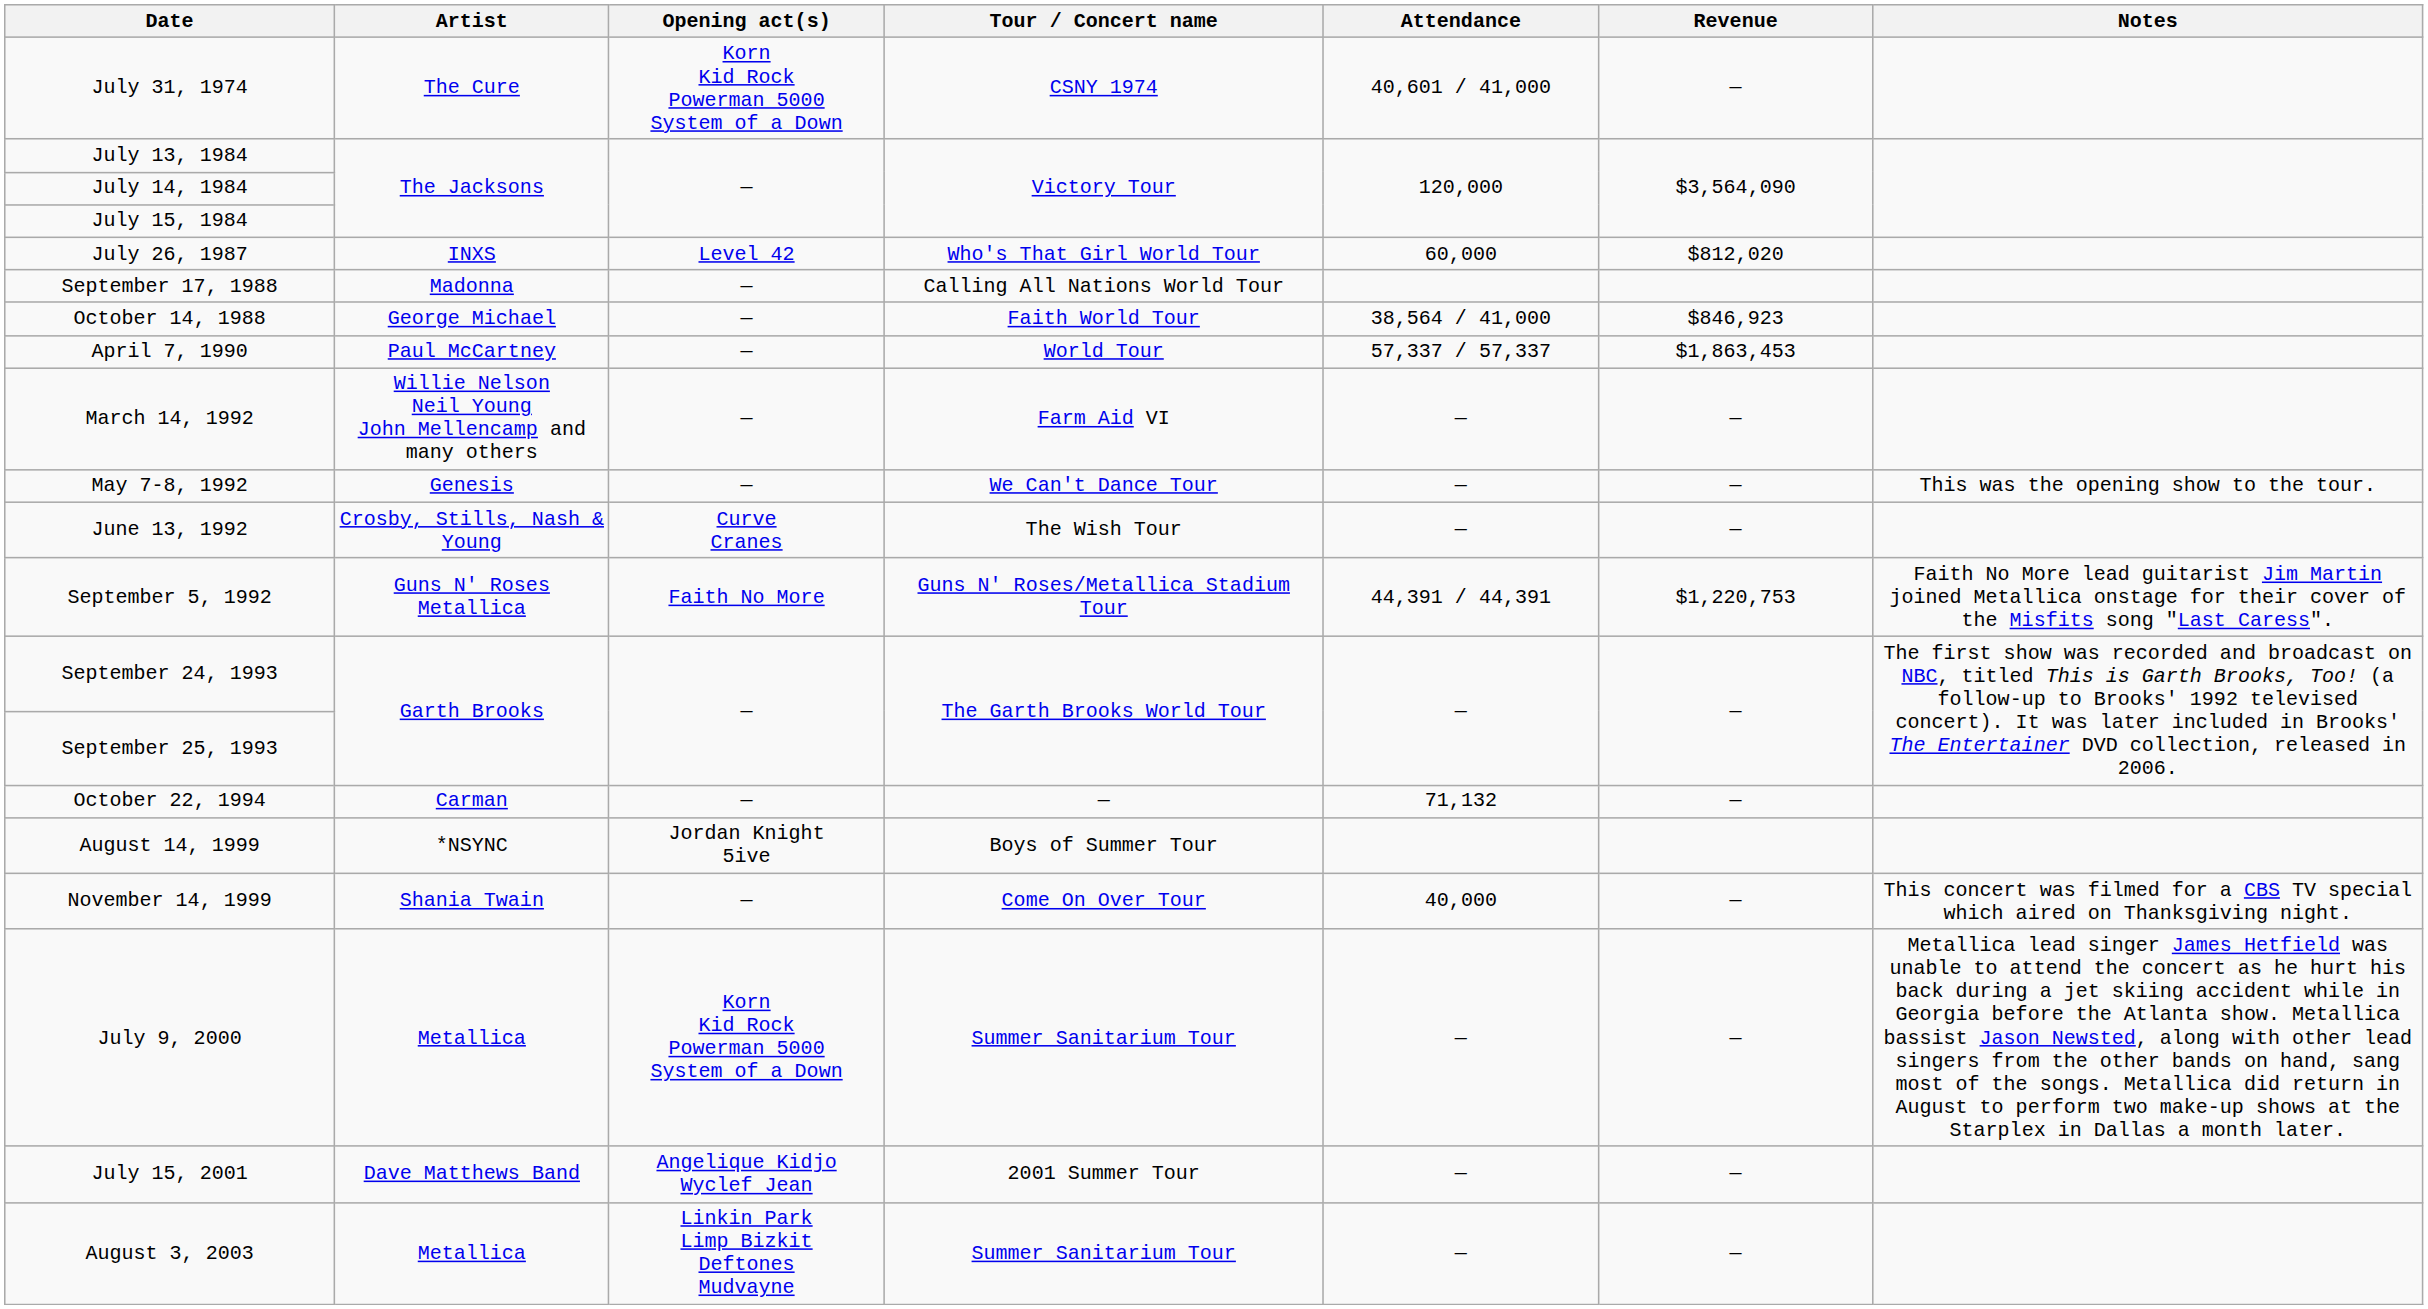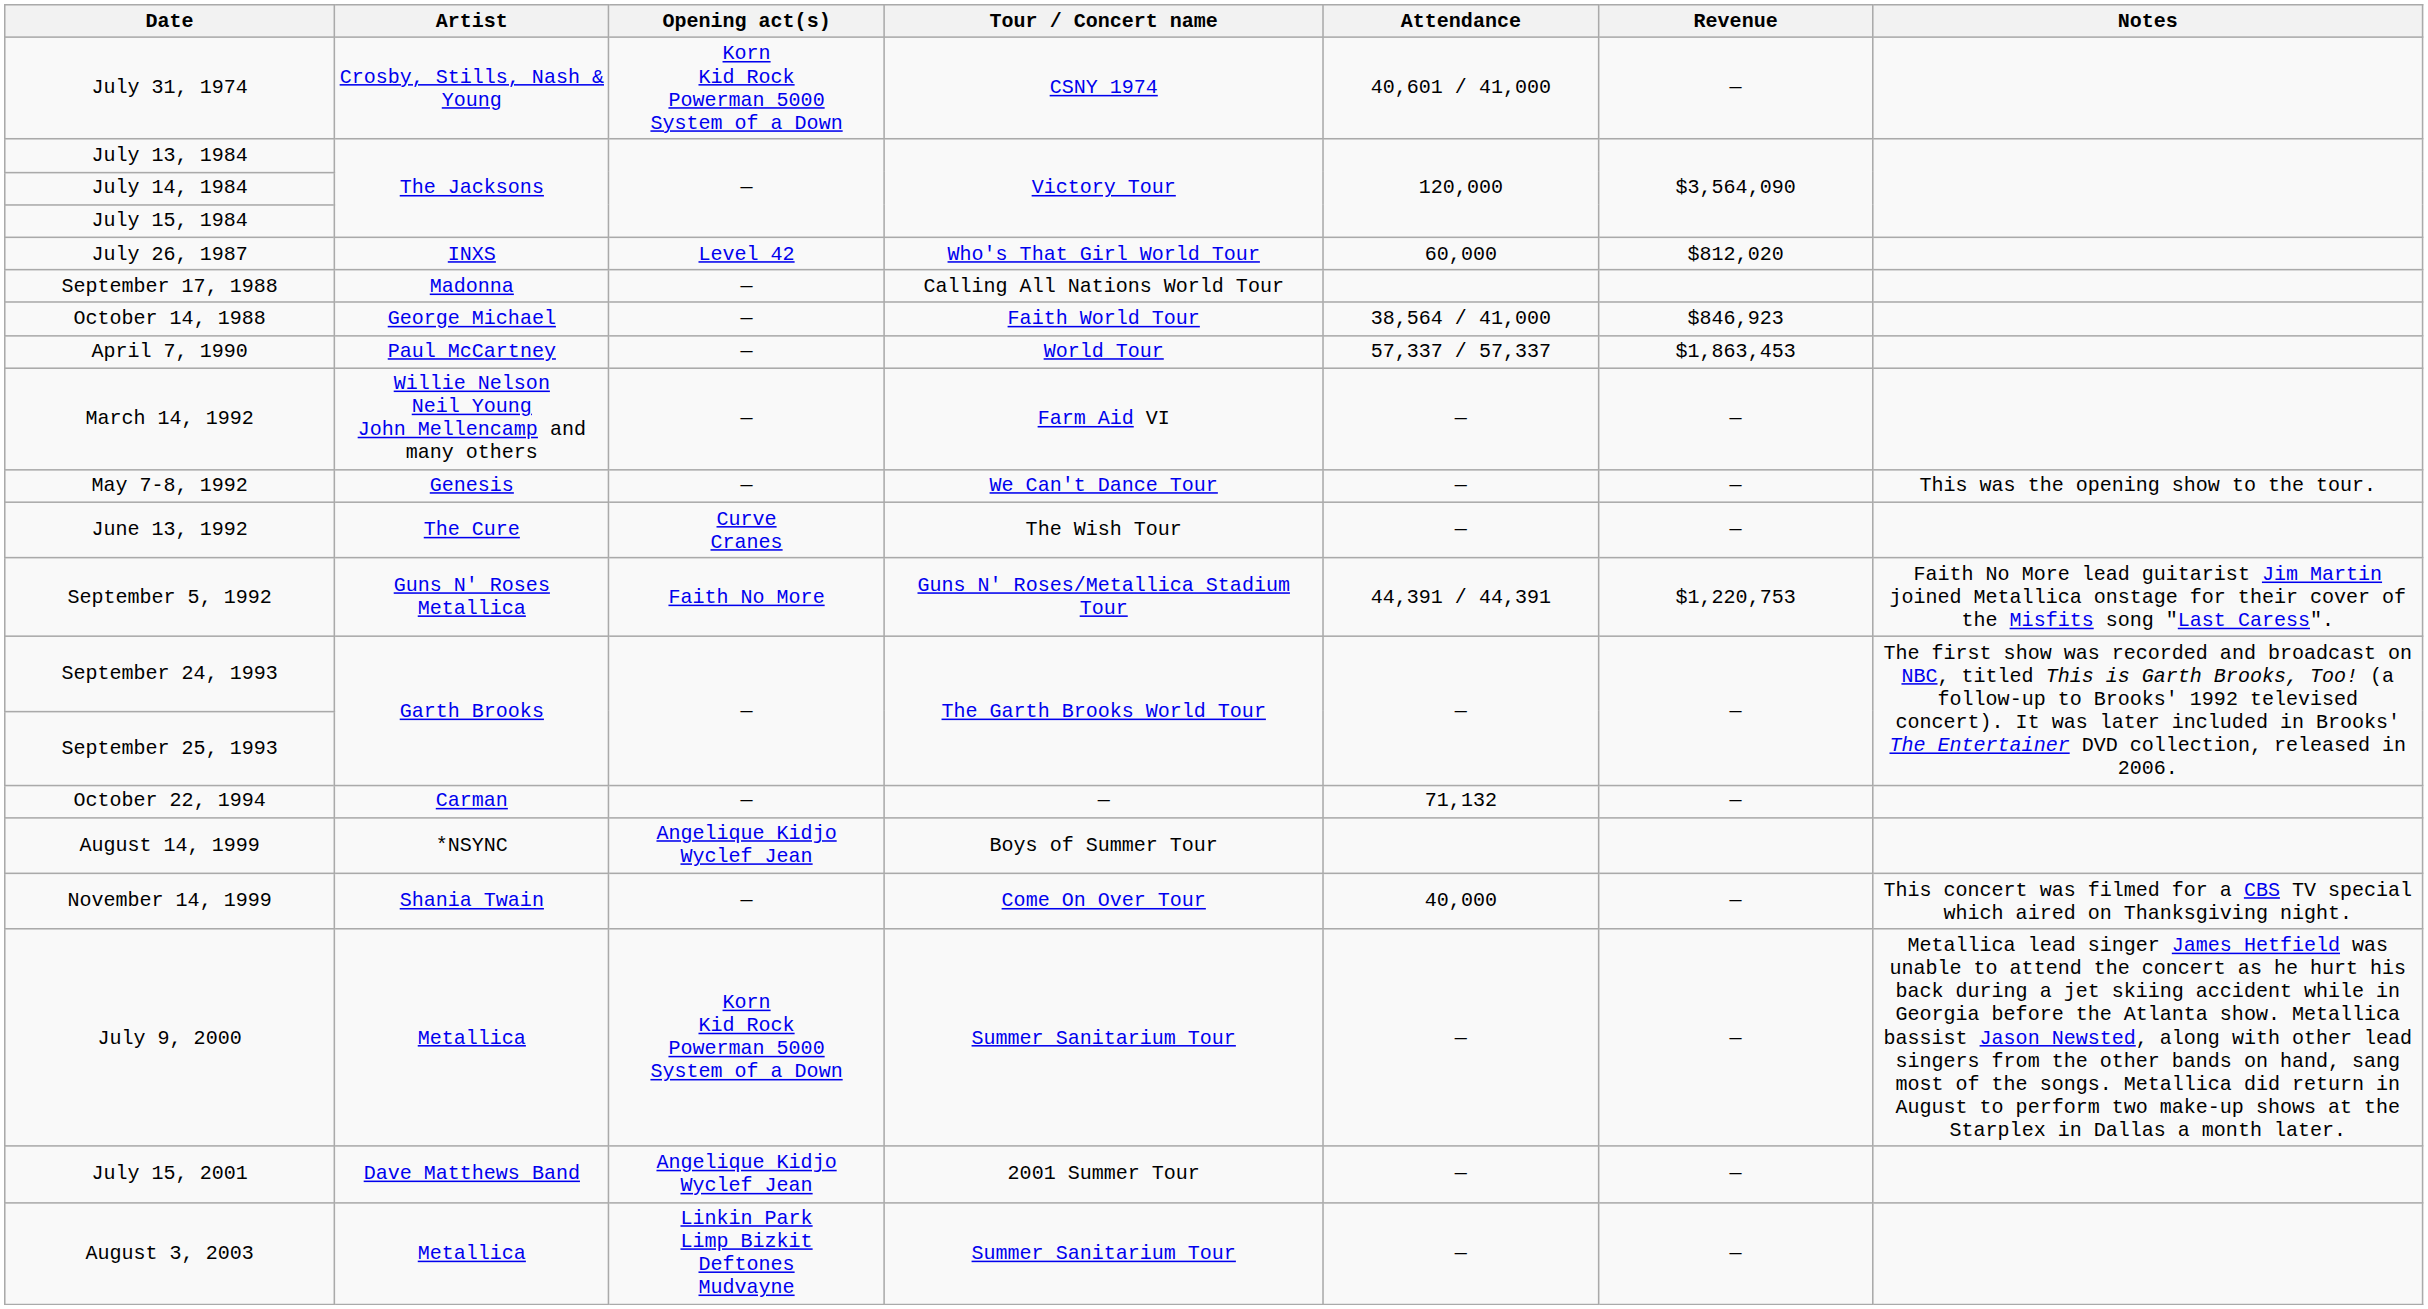 <table class="wikitable" style="text-align:center;">
 <tr>
 <th width=12% style="text-align:center;">Date</th>
 <th width=10% style="text-align:center;">Artist</th>
 <th width=10% style="text-align:center;">Opening act(s)</th>
 <th width=16% style="text-align:center;">Tour / Concert name</th>
 <th width=10% style="text-align:center;">Attendance</th>
 <th width=10% style="text-align:center;">Revenue</th>
 <th width=20% style="text-align:center;">Notes</th>
 </tr>
 <tr>
 <td>July 31, 1974</td>
-<td><a href='#'>The Cure</a></td>
+<td><a href='#'>Crosby, Stills, Nash & Young</a></td>
 <td><a href='#'>Korn</a><br><a href='#'>Kid Rock</a><br><a href='#'>Powerman 5000</a><br><a href='#'>System of a Down</a></td>
 <td><a href='#'>CSNY 1974</a></td>
 <td>40,601 / 41,000</td>
 <td>—</td>
 <td></td>
 </tr>
 <tr>
 <td>July 13, 1984</td>
 <td rowspan=3><a href='#'>The Jacksons</a></td>
 <td rowspan=3>—</td>
 <td rowspan=3><a href='#'>Victory Tour</a></td>
 <td rowspan=3>120,000</td>
 <td rowspan=3>$3,564,090</td>
 <td rowspan=3></td>
 </tr>
 <tr>
 <td>July 14, 1984</td>
 </tr>
 <tr>
 <td>July 15, 1984</td>
 </tr>
 <tr>
 <td>July 26, 1987</td>
 <td><a href='#'>INXS</a></td>
 <td><a href='#'>Level 42</a></td>
 <td><a href='#'>Who's That Girl World Tour</a></td>
 <td>60,000</td>
 <td>$812,020</td>
 <td></td>
 </tr>
 <tr>
 <td>September 17, 1988</td>
 <td><a href='#'>Madonna</a></td>
 <td>—</td>
 <td>Calling All Nations World Tour</td>
 <td></td>
 <td></td>
 <td></td>
 </tr>
 <tr>
 <td>October 14, 1988</td>
 <td><a href='#'>George Michael</a></td>
 <td>—</td>
 <td><a href='#'>Faith World Tour</a></td>
 <td>38,564 / 41,000</td>
 <td>$846,923</td>
 <td></td>
 </tr>
 <tr>
 <td>April 7, 1990</td>
 <td><a href='#'>Paul McCartney</a></td>
 <td>—</td>
 <td><a href='#'>World Tour</a></td>
 <td>57,337 / 57,337</td>
 <td>$1,863,453</td>
 <td></td>
 </tr>
 <tr>
 <td>March 14, 1992</td>
 <td><a href='#'>Willie Nelson</a><br><a href='#'>Neil Young</a><br><a href='#'>John Mellencamp</a> and many others</td>
 <td>—</td>
 <td><a href='#'>Farm Aid</a> VI</td>
 <td>—</td>
 <td>—</td>
 <td></td>
 </tr>
 <tr>
 <td>May 7-8, 1992</td>
 <td><a href='#'>Genesis</a></td>
 <td>—</td>
 <td><a href='#'>We Can't Dance Tour</a></td>
 <td>—</td>
 <td>—</td>
 <td>This was the opening show to the tour.</td>
 </tr>
 <tr>
 <td>June 13, 1992</td>
-<td><a href='#'>Crosby, Stills, Nash & Young</a></td>
+<td><a href='#'>The Cure</a></td>
 <td><a href='#'>Curve</a><br><a href='#'>Cranes</a></td>
 <td>The Wish Tour</td>
 <td>—</td>
 <td>—</td>
 <td></td>
 </tr>
 <tr>
 <td>September 5, 1992</td>
 <td><a href='#'>Guns N' Roses</a><br><a href='#'>Metallica</a></td>
 <td><a href='#'>Faith No More</a></td>
 <td><a href='#'>Guns N' Roses/Metallica Stadium Tour</a></td>
 <td>44,391 / 44,391</td>
 <td>$1,220,753</td>
 <td>Faith No More lead guitarist <a href='#'>Jim Martin</a> joined Metallica onstage for their cover of the <a href='#'>Misfits</a> song "<a href='#'>Last Caress</a>".</td>
 </tr>
 <tr>
 <td>September 24, 1993</td>
 <td rowspan=2><a href='#'>Garth Brooks</a></td>
 <td rowspan=2>—</td>
 <td rowspan=2><a href='#'>The Garth Brooks World Tour</a></td>
 <td rowspan=2>—</td>
 <td rowspan=2>—</td>
 <td rowspan=2>The first show was recorded and broadcast on <a href='#'>NBC</a>, titled <em>This is Garth Brooks, Too!</em> (a follow-up to Brooks' 1992 televised concert). It was later included in Brooks' <em><a href='#'>The Entertainer</a></em> DVD collection, released in 2006.</td>
 </tr>
 <tr>
 <td>September 25, 1993</td>
 </tr>
 <tr>
 <td>October 22, 1994</td>
 <td><a href='#'>Carman</a></td>
 <td>—</td>
 <td>—</td>
 <td>71,132</td>
 <td>—</td>
 <td></td>
 </tr>
 <tr>
 <td>August 14, 1999</td>
 <td>*NSYNC</td>
-<td>Jordan Knight<br>5ive</td>
+<td><a href='#'>Angelique Kidjo</a><br><a href='#'>Wyclef Jean</a></td>
 <td>Boys of Summer Tour</td>
 <td></td>
 <td></td>
 <td></td>
 </tr>
 <tr>
 <td>November 14, 1999</td>
 <td><a href='#'>Shania Twain</a></td>
 <td>—</td>
 <td><a href='#'>Come On Over Tour</a></td>
 <td>40,000</td>
 <td>—</td>
 <td>This concert was filmed for a <a href='#'>CBS</a> TV special which aired on Thanksgiving night.</td>
 </tr>
 <tr>
 <td>July 9, 2000</td>
 <td><a href='#'>Metallica</a></td>
 <td><a href='#'>Korn</a><br><a href='#'>Kid Rock</a><br><a href='#'>Powerman 5000</a><br><a href='#'>System of a Down</a></td>
 <td><a href='#'>Summer Sanitarium Tour</a></td>
 <td>—</td>
 <td>—</td>
 <td>Metallica lead singer <a href='#'>James Hetfield</a> was unable to attend the concert as he hurt his back during a jet skiing accident while in Georgia before the Atlanta show. Metallica bassist <a href='#'>Jason Newsted</a>, along with other lead singers from the other bands on hand, sang most of the songs. Metallica did return in August to perform two make-up shows at the Starplex in Dallas a month later.</td>
 </tr>
 <tr>
 <td>July 15, 2001</td>
 <td><a href='#'>Dave Matthews Band</a></td>
 <td><a href='#'>Angelique Kidjo</a><br><a href='#'>Wyclef Jean</a></td>
 <td>2001 Summer Tour</td>
 <td>—</td>
 <td>—</td>
 <td></td>
 </tr>
 <tr>
 <td>August 3, 2003</td>
 <td><a href='#'>Metallica</a></td>
 <td><a href='#'>Linkin Park</a><br><a href='#'>Limp Bizkit</a><br><a href='#'>Deftones</a><br><a href='#'>Mudvayne</a></td>
 <td><a href='#'>Summer Sanitarium Tour</a></td>
 <td>—</td>
 <td>—</td>
 <td></td>
 </tr>
 </table>
